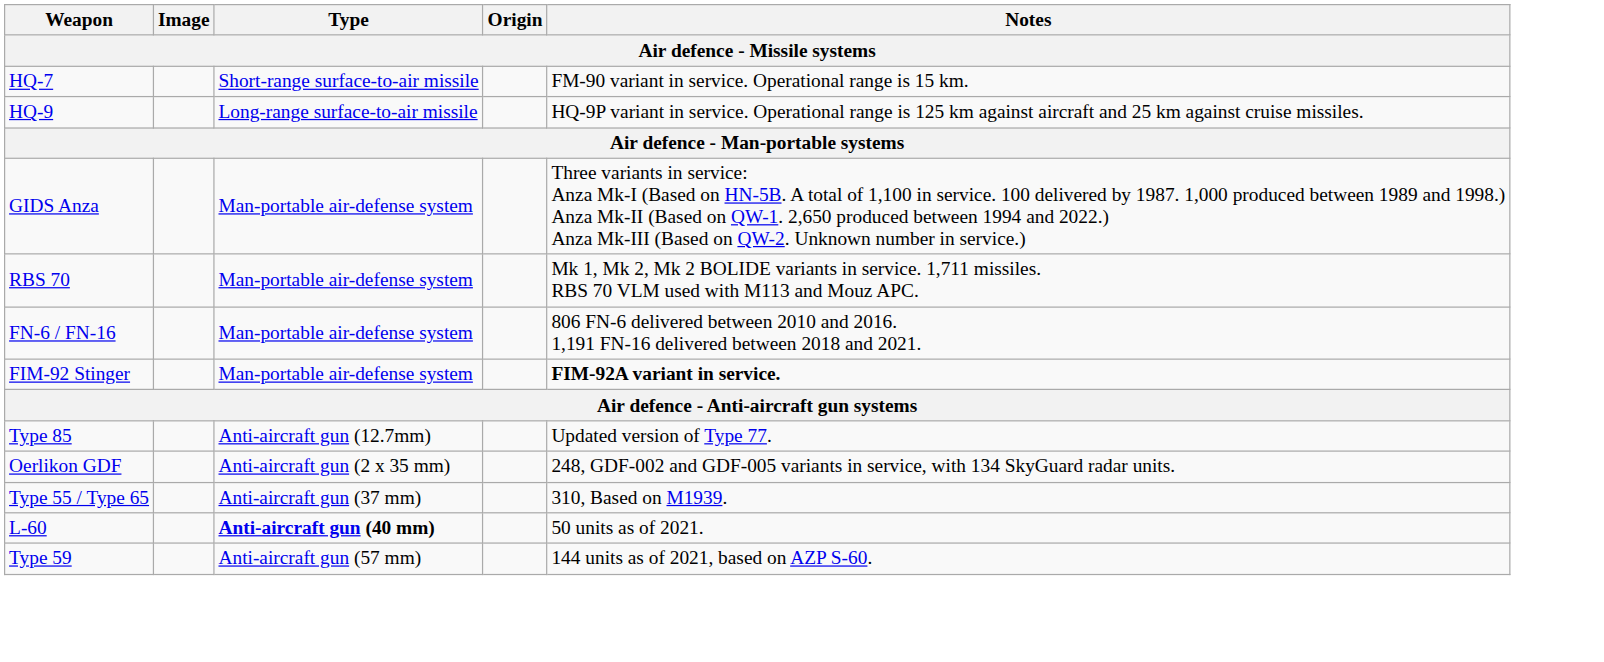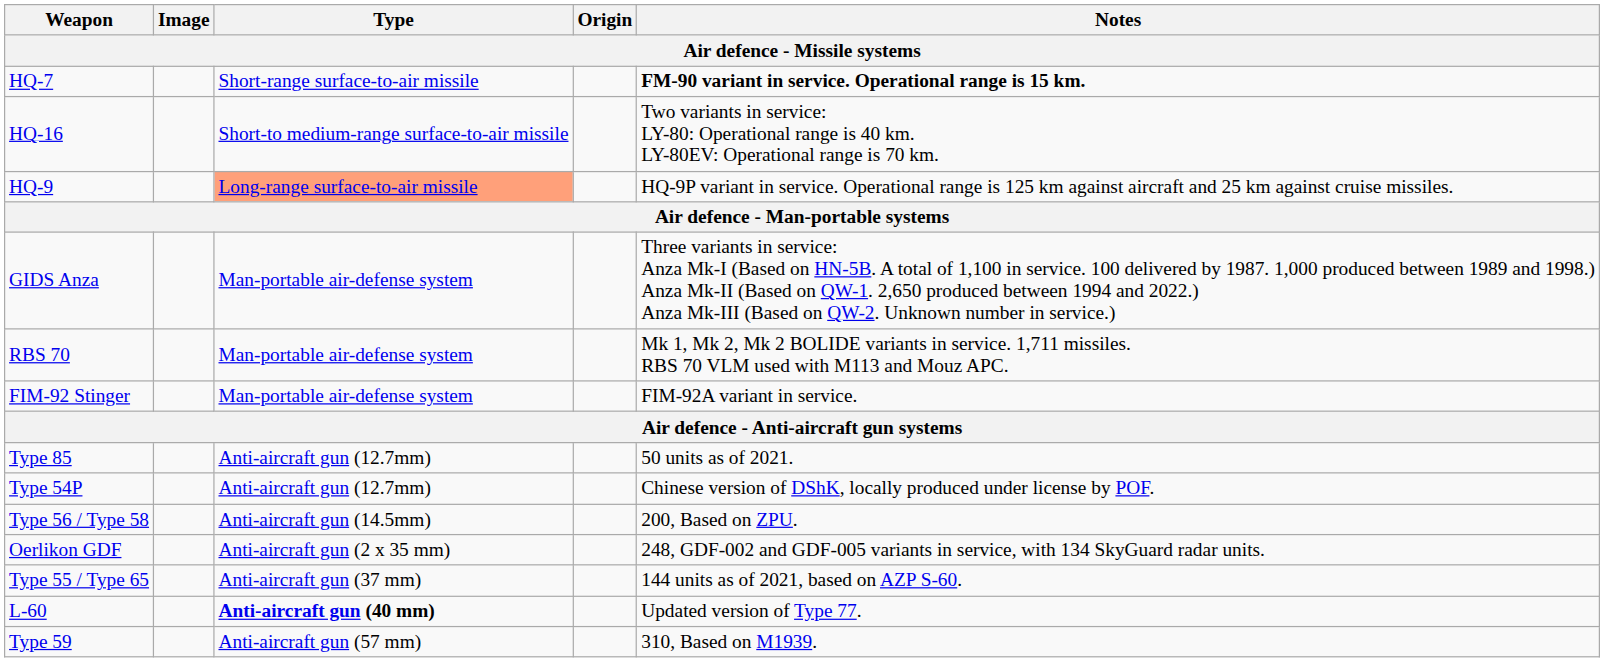 <table class="wikitable">
 <tr>
 <th>Weapon</th>
 <th>Image</th>
 <th>Type</th>
 <th>Origin</th>
 <th>Notes</th>
 </tr>
 <tr>
 <th colspan="5">Air defence -  Missile systems</th>
 </tr>
 <tr>
 <td><a href='#'>HQ-7</a></td>
 <td></td>
 <td><a href='#'>Short-range surface-to-air missile</a></td>
 <td></td>
-<td>FM-90 variant in service. Operational range is 15 km.</td>
+<td><strong>FM-90 variant in service. Operational range is 15 km.</strong></td>
+</tr>
+<tr>
+<td><a href='#'>HQ-16</a></td>
+<td></td>
+<td><a href='#'>Short-to medium-range surface-to-air missile</a></td>
+<td></td>
+<td>Two variants in service:<br>LY-80: Operational range is 40 km. <br> LY-80EV: Operational range is 70 km.</td>
 </tr>
 <tr>
 <td><a href='#'>HQ-9</a></td>
 <td></td>
-<td><a href='#'>Long-range surface-to-air missile</a></td>
+<td style="background: lightsalmon;"><a href='#'>Long-range surface-to-air missile</a></td>
 <td></td>
 <td>HQ-9P variant in service. Operational range is 125 km against aircraft and 25 km against cruise missiles.</td>
 </tr>
 <tr>
 <th colspan="5">Air defence - Man-portable systems</th>
 </tr>
 <tr>
 <td><a href='#'>GIDS Anza</a></td>
 <td></td>
 <td><a href='#'>Man-portable air-defense system</a></td>
 <td></td>
 <td>Three variants in service:<br>Anza Mk-I (Based on <a href='#'>HN-5B</a>. A total of 1,100 in service. 100 delivered by 1987. 1,000 produced between 1989 and 1998.)<br> Anza Mk-II (Based on <a href='#'>QW-1</a>. 2,650 produced between 1994 and 2022.)<br> Anza Mk-III (Based on <a href='#'>QW-2</a>. Unknown number in service.)</td>
 </tr>
 <tr>
 <td><a href='#'>RBS 70</a></td>
 <td></td>
 <td><a href='#'>Man-portable air-defense system</a></td>
 <td></td>
 <td>Mk 1, Mk 2, Mk 2 BOLIDE variants in service. 1,711 missiles.<br>RBS 70 VLM used with M113 and Mouz APC.</td>
 </tr>
 <tr>
-<td><a href='#'>FN-6 / FN-16</a></td>
-<td></td>
-<td><a href='#'>Man-portable air-defense system</a></td>
-<td></td>
-<td>806 FN-6 delivered between 2010 and 2016.<br> 1,191 FN-16 delivered between 2018 and 2021.</td>
-</tr>
-<tr>
 <td><a href='#'>FIM-92 Stinger</a></td>
 <td></td>
 <td><a href='#'>Man-portable air-defense system</a></td>
 <td></td>
-<td><strong>FIM-92A variant in service.</strong></td>
+<td>FIM-92A variant in service.</td>
 </tr>
 <tr>
 <th colspan="5">Air defence - Anti-aircraft gun systems</th>
 </tr>
 <tr>
 <td><a href='#'>Type 85</a></td>
 <td></td>
 <td><a href='#'>Anti-aircraft gun</a> (12.7mm)</td>
 <td></td>
-<td>Updated version of <a href='#'>Type 77</a>.</td>
+<td>50 units as of 2021.</td>
+</tr>
+<tr>
+<td><a href='#'>Type 54P</a></td>
+<td></td>
+<td><a href='#'>Anti-aircraft gun</a> (12.7mm)</td>
+<td></td>
+<td>Chinese version of <a href='#'>DShK</a>, locally produced under license by <a href='#'>POF</a>.</td>
+</tr>
+<tr>
+<td><a href='#'>Type 56 / Type 58</a></td>
+<td></td>
+<td><a href='#'>Anti-aircraft gun</a> (14.5mm)</td>
+<td></td>
+<td>200, Based on <a href='#'>ZPU</a>.</td>
 </tr>
 <tr>
 <td><a href='#'>Oerlikon GDF</a></td>
 <td></td>
 <td><a href='#'>Anti-aircraft gun</a> (2 x 35 mm)</td>
 <td></td>
 <td>248, GDF-002 and GDF-005 variants in service, with 134 SkyGuard radar units.</td>
 </tr>
 <tr>
 <td><a href='#'>Type 55 / Type 65</a></td>
 <td></td>
 <td><a href='#'>Anti-aircraft gun</a> (37 mm)</td>
 <td></td>
-<td>310, Based on <a href='#'>M1939</a>.</td>
+<td>144 units as of 2021, based on <a href='#'>AZP S-60</a>.</td>
 </tr>
 <tr>
 <td><a href='#'>L-60</a></td>
 <td></td>
 <td><strong><a href='#'>Anti-aircraft gun</a> (40 mm)</strong></td>
 <td></td>
-<td>50 units as of 2021.</td>
+<td>Updated version of <a href='#'>Type 77</a>.</td>
 </tr>
 <tr>
 <td><a href='#'>Type 59</a></td>
 <td></td>
 <td><a href='#'>Anti-aircraft gun</a> (57 mm)</td>
 <td></td>
-<td>144 units as of 2021, based on <a href='#'>AZP S-60</a>.</td>
+<td>310, Based on <a href='#'>M1939</a>.</td>
 </tr>
 </table>
